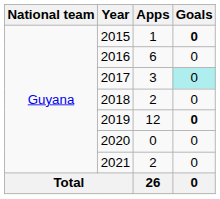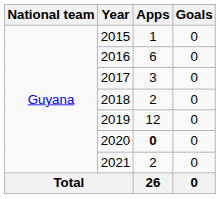 <table class="wikitable" style="text-align:center">
 <tr>
 <th>National team</th>
 <th>Year</th>
 <th>Apps</th>
 <th>Goals</th>
 </tr>
 <tr>
 <td rowspan="7"><a href='#'>Guyana</a></td>
 <td>2015</td>
 <td>1</td>
-<td><strong>0</strong></td>
+<td>0</td>
 </tr>
 <tr>
 <td>2016</td>
 <td>6</td>
 <td>0</td>
 </tr>
 <tr>
 <td>2017</td>
 <td>3</td>
-<td style="background: paleturquoise;">0</td>
+<td>0</td>
 </tr>
 <tr>
 <td>2018</td>
 <td>2</td>
 <td>0</td>
 </tr>
 <tr>
 <td>2019</td>
 <td>12</td>
-<td><strong>0</strong></td>
+<td>0</td>
 </tr>
 <tr>
 <td>2020</td>
-<td>0</td>
+<td><strong>0</strong></td>
 <td>0</td>
 </tr>
 <tr>
 <td>2021</td>
 <td>2</td>
 <td>0</td>
 </tr>
 <tr>
 <th colspan="2">Total</th>
 <th>26</th>
 <th>0</th>
 </tr>
 </table>
